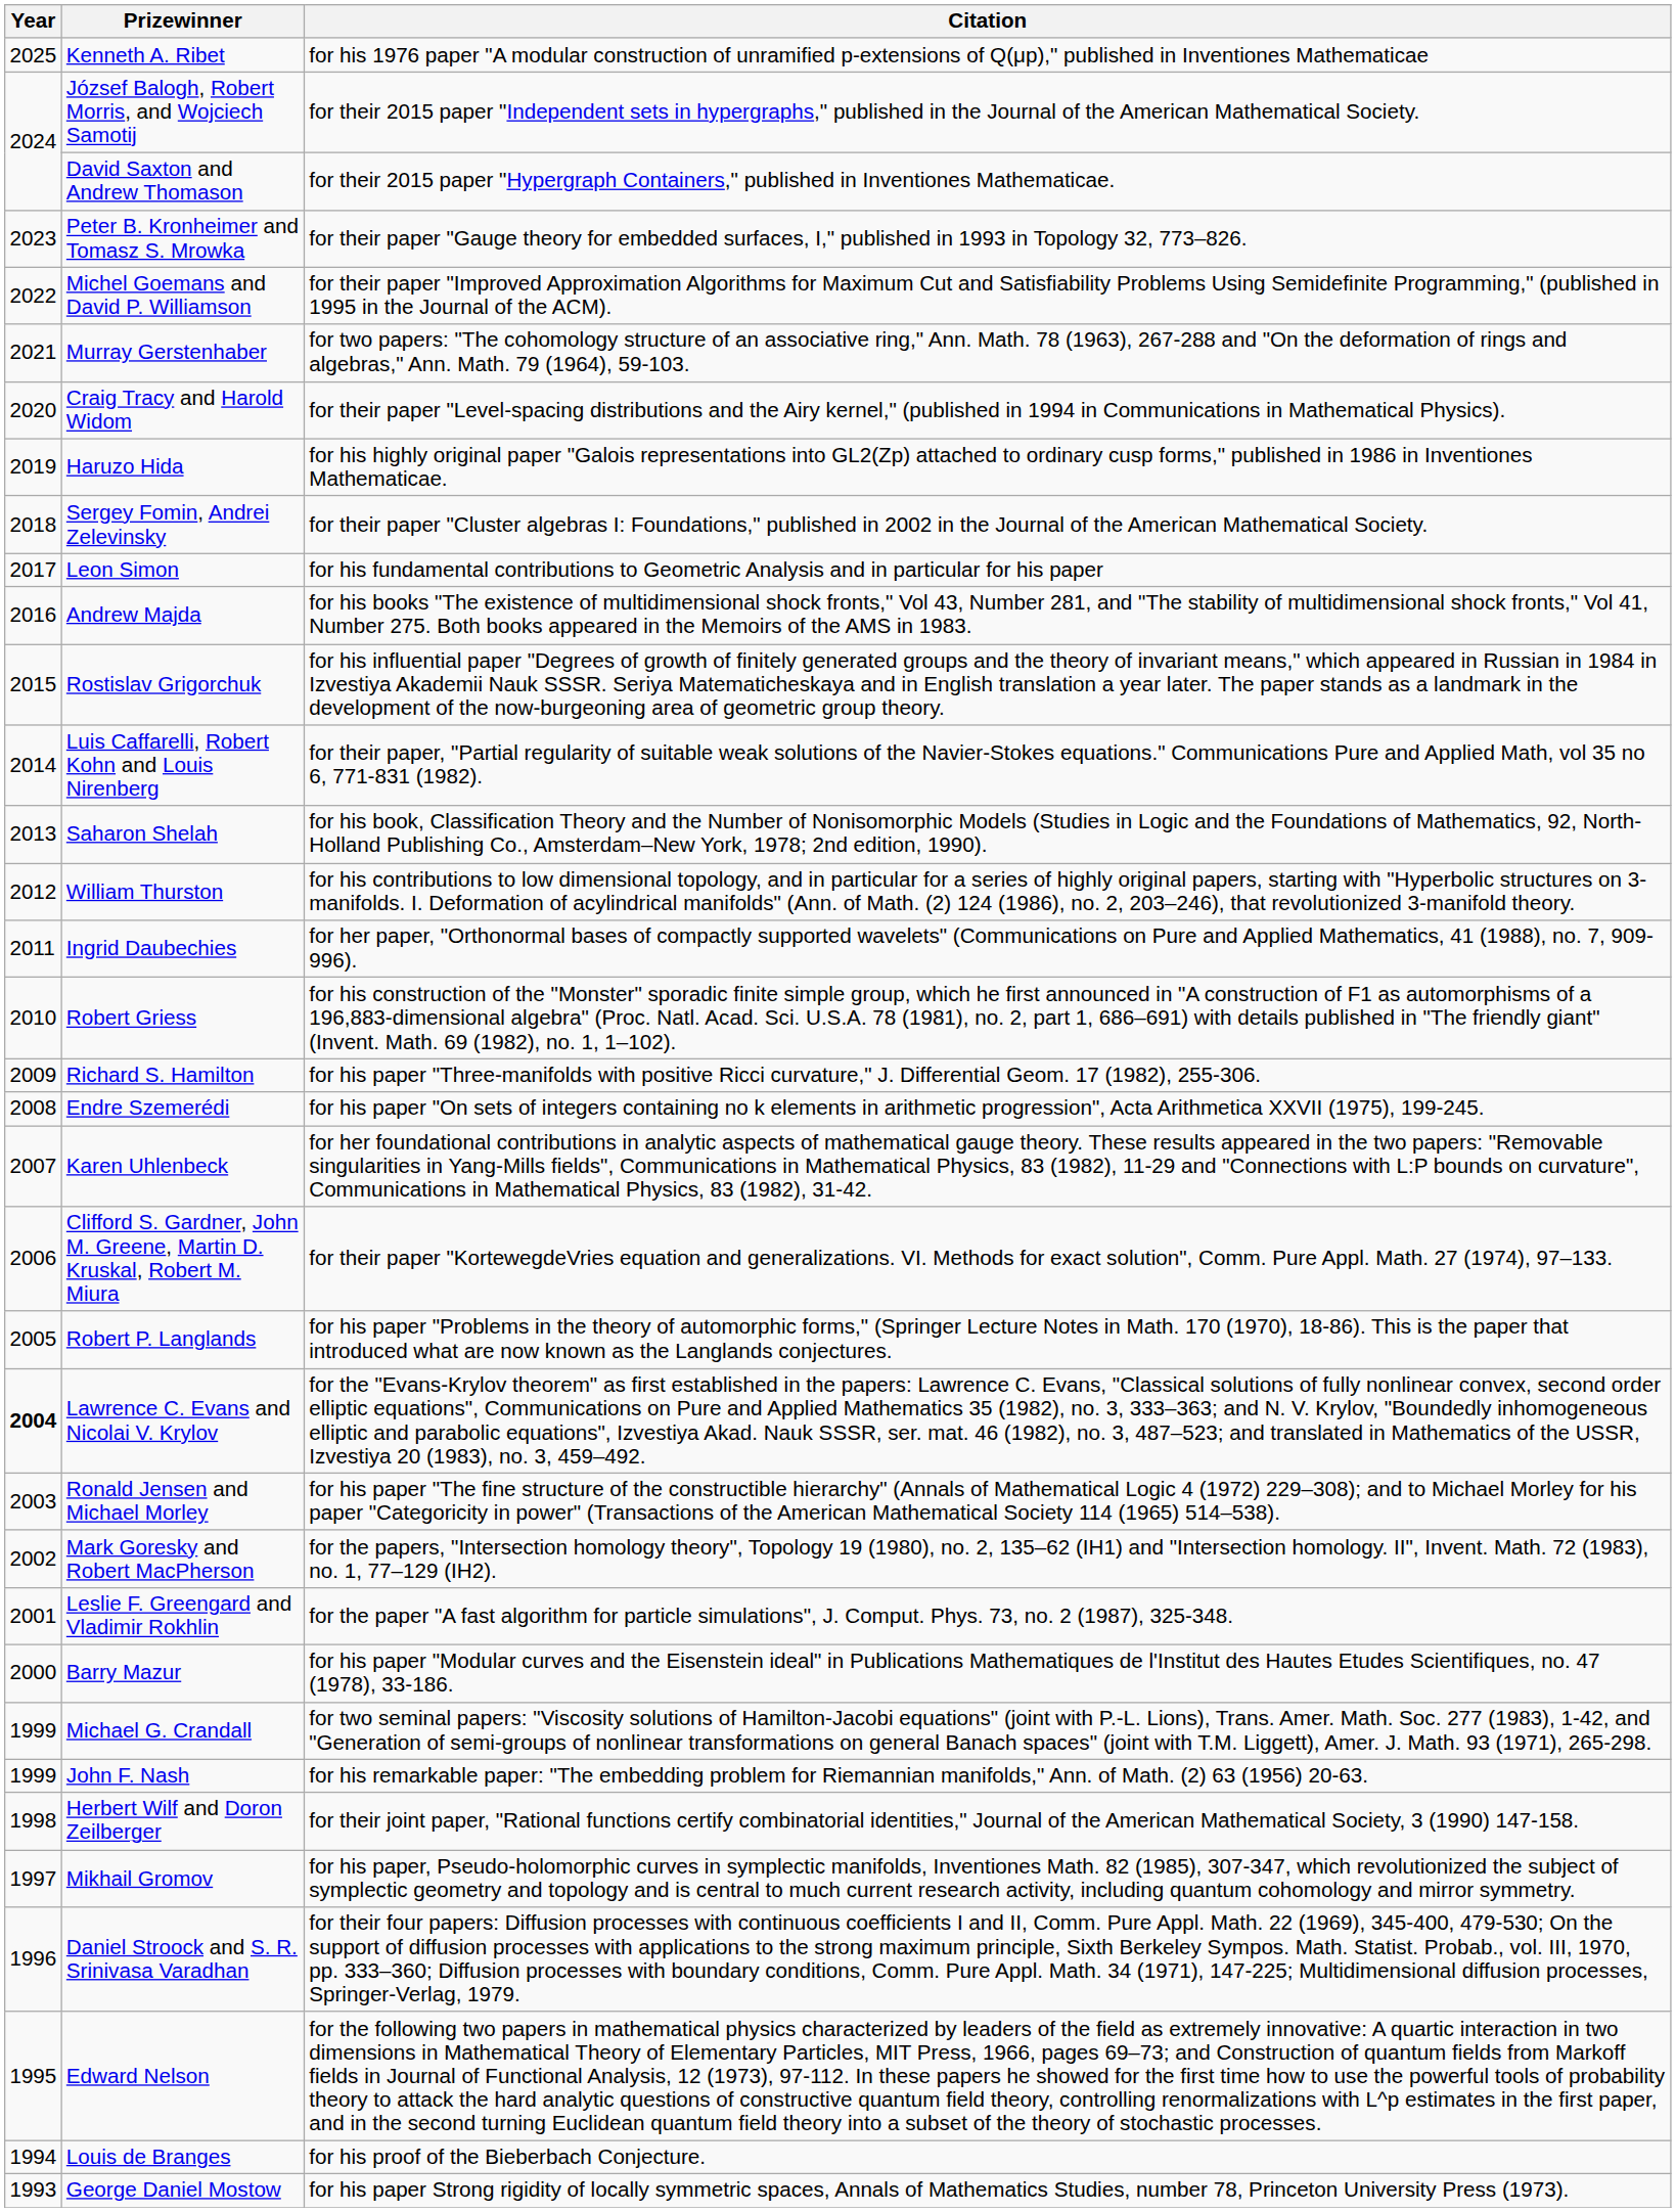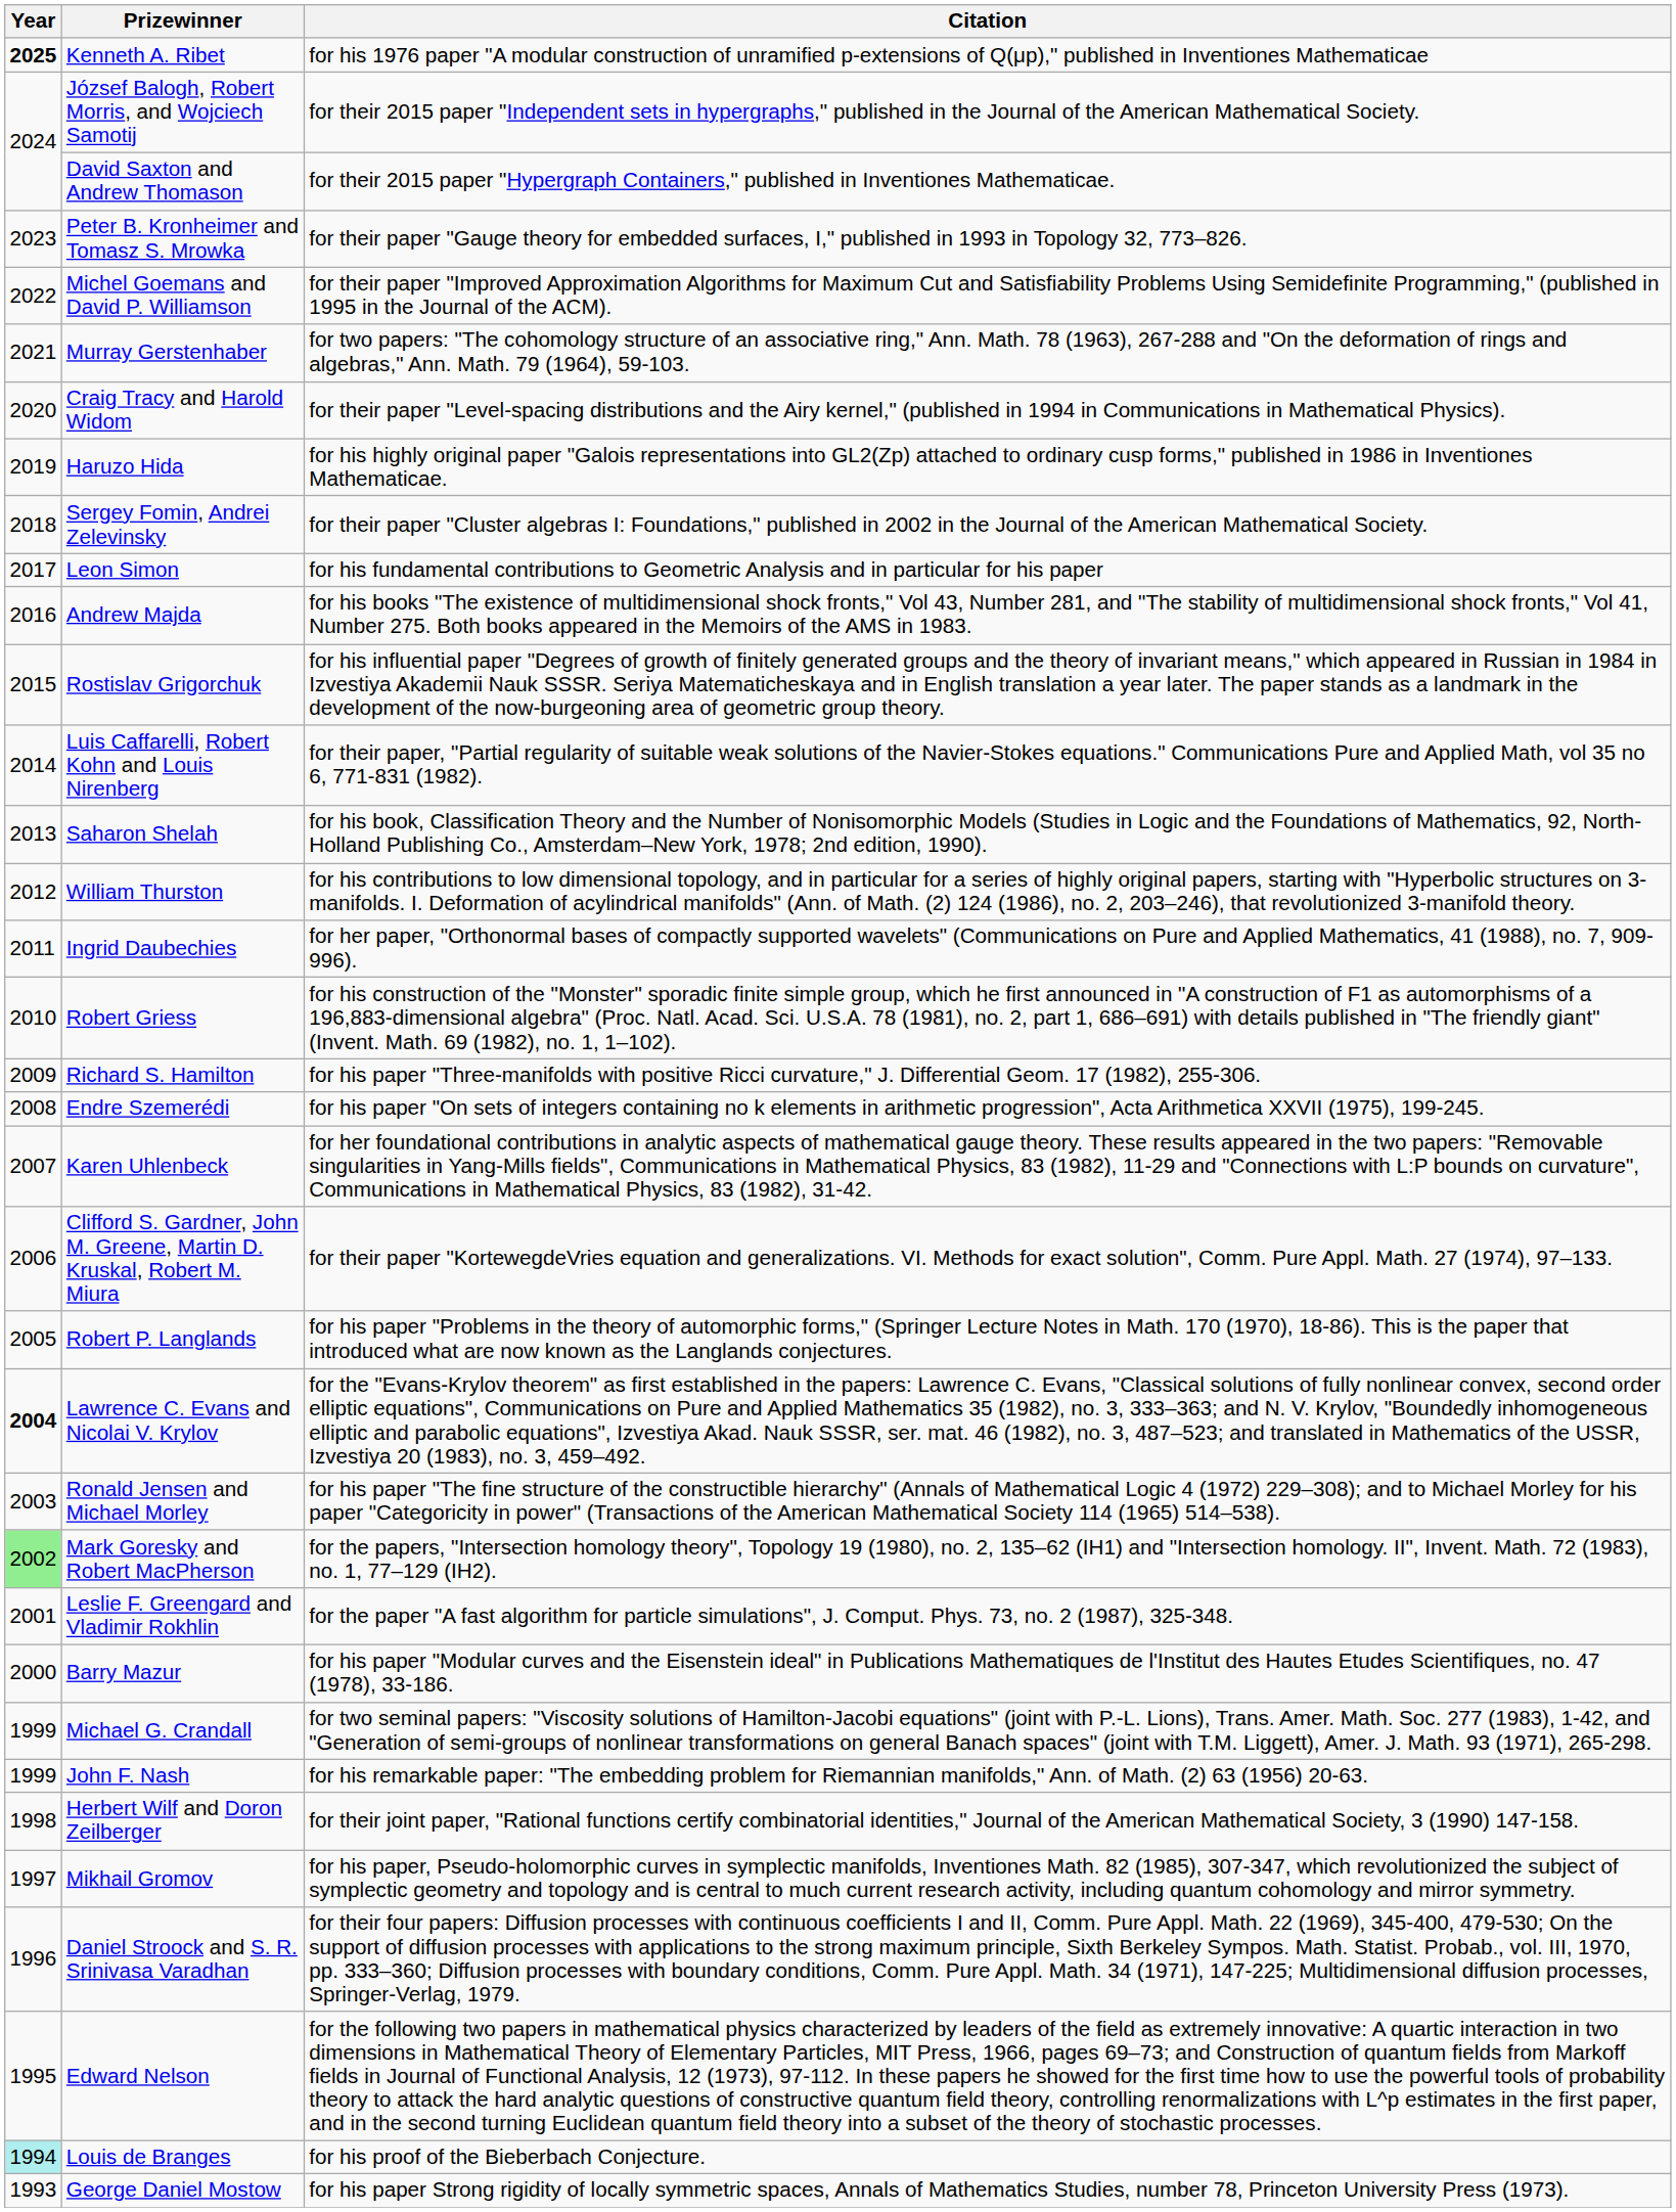 <table class="wikitable sortable" style="margin: 1ex auto 1ex auto">
 <tr>
 <th>Year</th>
 <th>Prizewinner</th>
 <th>Citation</th>
 </tr>
 <tr>
-<td>2025</td>
+<td><strong>2025</strong></td>
 <td><a href='#'>Kenneth A. Ribet</a></td>
 <td>for his 1976 paper "A modular construction of unramified p-extensions of Q(μp)," published in Inventiones Mathematicae</td>
 </tr>
 <tr>
 <td rowspan="2">2024</td>
 <td><a href='#'>József Balogh</a>, <a href='#'>Robert Morris</a>, and <a href='#'>Wojciech Samotij</a></td>
 <td>for their 2015 paper "<a href='#'>Independent sets in hypergraphs</a>," published in the Journal of the American Mathematical Society.</td>
 </tr>
 <tr>
 <td><a href='#'>David Saxton</a> and <a href='#'>Andrew Thomason</a></td>
 <td>for their 2015 paper "<a href='#'>Hypergraph Containers</a>," published in Inventiones Mathematicae.</td>
 </tr>
 <tr>
 <td>2023</td>
 <td><a href='#'>Peter B. Kronheimer</a> and <a href='#'>Tomasz S. Mrowka</a></td>
 <td>for their paper "Gauge theory for embedded surfaces, I," published in 1993 in Topology 32, 773–826.</td>
 </tr>
 <tr>
 <td>2022</td>
 <td><a href='#'>Michel Goemans</a> and <a href='#'>David P. Williamson</a></td>
 <td>for their paper "Improved Approximation Algorithms for Maximum Cut and Satisfiability Problems Using Semidefinite Programming," (published in 1995 in the Journal of the ACM).</td>
 </tr>
 <tr>
 <td>2021</td>
 <td><a href='#'>Murray Gerstenhaber</a></td>
 <td>for two papers: "The cohomology structure of an associative ring," Ann. Math. 78 (1963), 267-288 and "On the deformation of rings and algebras," Ann. Math. 79 (1964), 59-103.</td>
 </tr>
 <tr>
 <td>2020</td>
 <td><a href='#'>Craig Tracy</a> and <a href='#'>Harold Widom</a></td>
 <td>for their paper "Level-spacing distributions and the Airy kernel," (published in 1994 in Communications in Mathematical Physics).</td>
 </tr>
 <tr>
 <td>2019</td>
 <td><a href='#'>Haruzo Hida</a></td>
 <td>for his highly original paper "Galois representations into GL2(Zp) attached to ordinary cusp forms," published in 1986 in Inventiones Mathematicae.</td>
 </tr>
 <tr>
 <td>2018</td>
 <td><a href='#'>Sergey Fomin</a>, <a href='#'>Andrei Zelevinsky</a></td>
 <td>for their paper "Cluster algebras I: Foundations," published in 2002 in the Journal of the American Mathematical Society.</td>
 </tr>
 <tr>
 <td>2017</td>
 <td><a href='#'>Leon Simon</a></td>
 <td>for his fundamental contributions to Geometric Analysis and in particular for his paper </td>
 </tr>
 <tr>
 <td>2016</td>
 <td><a href='#'>Andrew Majda</a></td>
 <td>for his books "The existence of multidimensional shock fronts," Vol 43, Number 281, and "The stability of multidimensional shock fronts," Vol 41, Number 275. Both books appeared in the Memoirs of the AMS in 1983.</td>
 </tr>
 <tr>
 <td>2015</td>
 <td><a href='#'>Rostislav Grigorchuk</a></td>
 <td>for his influential paper "Degrees of growth of finitely generated groups and the theory of invariant means," which appeared in Russian in 1984 in Izvestiya Akademii Nauk SSSR. Seriya Matematicheskaya and in English translation a year later. The paper stands as a landmark in the development of the now-burgeoning area of geometric group theory.</td>
 </tr>
 <tr>
 <td>2014</td>
 <td><a href='#'>Luis Caffarelli</a>, <a href='#'>Robert Kohn</a> and <a href='#'>Louis Nirenberg</a></td>
 <td>for their paper, "Partial regularity of suitable weak solutions of the Navier-Stokes equations." Communications Pure and Applied Math, vol 35 no 6, 771-831 (1982).</td>
 </tr>
 <tr>
 <td>2013</td>
 <td><a href='#'>Saharon Shelah</a></td>
 <td>for his book, Classification Theory and the Number of Nonisomorphic Models (Studies in Logic and the Foundations of Mathematics, 92, North-Holland Publishing Co., Amsterdam–New York, 1978; 2nd edition, 1990).</td>
 </tr>
 <tr>
 <td>2012</td>
 <td><a href='#'>William Thurston</a></td>
 <td>for his contributions to low dimensional topology, and in particular for a series of highly original papers, starting with "Hyperbolic structures on 3-manifolds. I. Deformation of acylindrical manifolds" (Ann. of Math. (2) 124 (1986), no. 2, 203–246), that revolutionized 3-manifold theory.</td>
 </tr>
 <tr>
 <td>2011</td>
 <td><a href='#'>Ingrid Daubechies</a></td>
 <td>for her paper, "Orthonormal bases of compactly supported wavelets" (Communications on Pure and Applied Mathematics, 41 (1988), no. 7, 909-996).</td>
 </tr>
 <tr>
 <td>2010</td>
 <td><a href='#'>Robert Griess</a></td>
 <td>for his construction of the "Monster" sporadic finite simple group, which he first announced in "A construction of F1 as automorphisms of a 196,883-dimensional algebra" (Proc. Natl. Acad. Sci. U.S.A. 78 (1981), no. 2, part 1, 686–691) with details published in "The friendly giant" (Invent. Math. 69 (1982), no. 1, 1–102).</td>
 </tr>
 <tr>
 <td>2009</td>
 <td><a href='#'>Richard S. Hamilton</a></td>
 <td>for his paper "Three-manifolds with positive Ricci curvature," J. Differential Geom. 17 (1982), 255-306.</td>
 </tr>
 <tr>
 <td>2008</td>
 <td><a href='#'>Endre Szemerédi</a></td>
 <td>for his paper "On sets of integers containing no k elements in arithmetic progression", Acta Arithmetica XXVII (1975), 199-245.</td>
 </tr>
 <tr>
 <td>2007</td>
 <td><a href='#'>Karen Uhlenbeck</a></td>
 <td>for her foundational contributions in analytic aspects of mathematical gauge theory. These results appeared in the two papers: "Removable singularities in Yang-Mills fields", Communications in Mathematical Physics, 83 (1982), 11-29 and "Connections with L:P bounds on curvature", Communications in Mathematical Physics, 83 (1982), 31-42.</td>
 </tr>
 <tr>
 <td>2006</td>
 <td><a href='#'>Clifford S. Gardner</a>, <a href='#'>John M. Greene</a>, <a href='#'>Martin D. Kruskal</a>, <a href='#'>Robert M. Miura</a></td>
 <td>for their paper "KortewegdeVries equation and generalizations. VI. Methods for exact solution", Comm. Pure Appl. Math. 27 (1974), 97–133.</td>
 </tr>
 <tr>
 <td>2005</td>
 <td><a href='#'>Robert P. Langlands</a></td>
 <td>for his paper "Problems in the theory of automorphic forms," (Springer Lecture Notes in Math. 170 (1970), 18-86). This is the paper that introduced what are now known as the Langlands conjectures.</td>
 </tr>
 <tr>
 <td><strong>2004</strong></td>
 <td><a href='#'>Lawrence C. Evans</a> and <a href='#'>Nicolai V. Krylov</a></td>
 <td>for the "Evans-Krylov theorem" as first established in the papers: Lawrence C. Evans, "Classical solutions of fully nonlinear convex, second order elliptic equations", Communications on Pure and Applied Mathematics 35 (1982), no. 3, 333–363; and N. V. Krylov, "Boundedly inhomogeneous elliptic and parabolic equations", Izvestiya Akad. Nauk SSSR, ser. mat. 46 (1982), no. 3, 487–523; and translated in Mathematics of the USSR, Izvestiya 20 (1983), no. 3, 459–492.</td>
 </tr>
 <tr>
 <td>2003</td>
 <td><a href='#'>Ronald Jensen</a> and <a href='#'>Michael Morley</a></td>
 <td>for his paper "The fine structure of the constructible hierarchy" (Annals of Mathematical Logic 4 (1972) 229–308); and to Michael Morley for his paper "Categoricity in power" (Transactions of the American Mathematical Society 114 (1965) 514–538).</td>
 </tr>
 <tr>
-<td>2002</td>
+<td style="background: lightgreen;">2002</td>
 <td><a href='#'>Mark Goresky</a> and <a href='#'>Robert MacPherson</a></td>
 <td>for the papers, "Intersection homology theory", Topology 19 (1980), no. 2, 135–62 (IH1) and "Intersection homology. II", Invent. Math. 72 (1983), no. 1, 77–129 (IH2).</td>
 </tr>
 <tr>
 <td>2001</td>
 <td><a href='#'>Leslie F. Greengard</a> and <a href='#'>Vladimir Rokhlin</a></td>
 <td>for the paper "A fast algorithm for particle simulations", J. Comput. Phys. 73, no. 2 (1987), 325-348.</td>
 </tr>
 <tr>
 <td>2000</td>
 <td><a href='#'>Barry Mazur</a></td>
 <td>for his paper "Modular curves and the Eisenstein ideal" in Publications Mathematiques de l'Institut des Hautes Etudes Scientifiques, no. 47 (1978), 33-186.</td>
 </tr>
 <tr>
 <td>1999</td>
 <td><a href='#'>Michael G. Crandall</a></td>
 <td>for two seminal papers: "Viscosity solutions of Hamilton-Jacobi equations" (joint with P.-L. Lions), Trans. Amer. Math. Soc. 277 (1983), 1-42, and "Generation of semi-groups of nonlinear transformations on general Banach spaces" (joint with T.M. Liggett), Amer. J. Math. 93 (1971), 265-298.</td>
 </tr>
 <tr>
 <td>1999</td>
 <td><a href='#'>John F. Nash</a></td>
 <td>for his remarkable paper: "The embedding problem for Riemannian manifolds," Ann. of Math. (2) 63 (1956) 20-63.</td>
 </tr>
 <tr>
 <td>1998</td>
 <td><a href='#'>Herbert Wilf</a> and <a href='#'>Doron Zeilberger</a></td>
 <td>for their joint paper, "Rational functions certify combinatorial identities," Journal of the American Mathematical Society, 3 (1990) 147-158.</td>
 </tr>
 <tr>
 <td>1997</td>
 <td><a href='#'>Mikhail Gromov</a></td>
 <td>for his paper, Pseudo-holomorphic curves in symplectic manifolds, Inventiones Math. 82 (1985), 307-347, which revolutionized the subject of symplectic geometry and topology and is central to much current research activity, including quantum cohomology and mirror symmetry.</td>
 </tr>
 <tr>
 <td>1996</td>
 <td><a href='#'>Daniel Stroock</a> and <a href='#'>S. R. Srinivasa Varadhan</a></td>
 <td>for their four papers: Diffusion processes with continuous coefficients I and II, Comm. Pure Appl. Math. 22 (1969), 345-400, 479-530; On the support of diffusion processes with applications to the strong maximum principle, Sixth Berkeley Sympos. Math. Statist. Probab., vol. III, 1970, pp. 333–360; Diffusion processes with boundary conditions, Comm. Pure Appl. Math. 34 (1971), 147-225; Multidimensional diffusion processes, Springer-Verlag, 1979.</td>
 </tr>
 <tr>
 <td>1995</td>
 <td><a href='#'>Edward Nelson</a></td>
 <td>for the following two papers in mathematical physics characterized by leaders of the field as extremely innovative: A quartic interaction in two dimensions in Mathematical Theory of Elementary Particles, MIT Press, 1966, pages 69–73; and Construction of quantum fields from Markoff fields in Journal of Functional Analysis, 12 (1973), 97-112. In these papers he showed for the first time how to use the powerful tools of probability theory to attack the hard analytic questions of constructive quantum field theory, controlling renormalizations with L^p estimates in the first paper, and in the second turning Euclidean quantum field theory into a subset of the theory of stochastic processes.</td>
 </tr>
 <tr>
-<td>1994</td>
+<td style="background: paleturquoise;">1994</td>
 <td><a href='#'>Louis de Branges</a></td>
 <td>for his proof of the Bieberbach Conjecture.</td>
 </tr>
 <tr>
 <td>1993</td>
 <td><a href='#'>George Daniel Mostow</a></td>
 <td>for his paper Strong rigidity of locally symmetric spaces, Annals of Mathematics Studies, number 78, Princeton University Press (1973).</td>
 </tr>
 </table>
